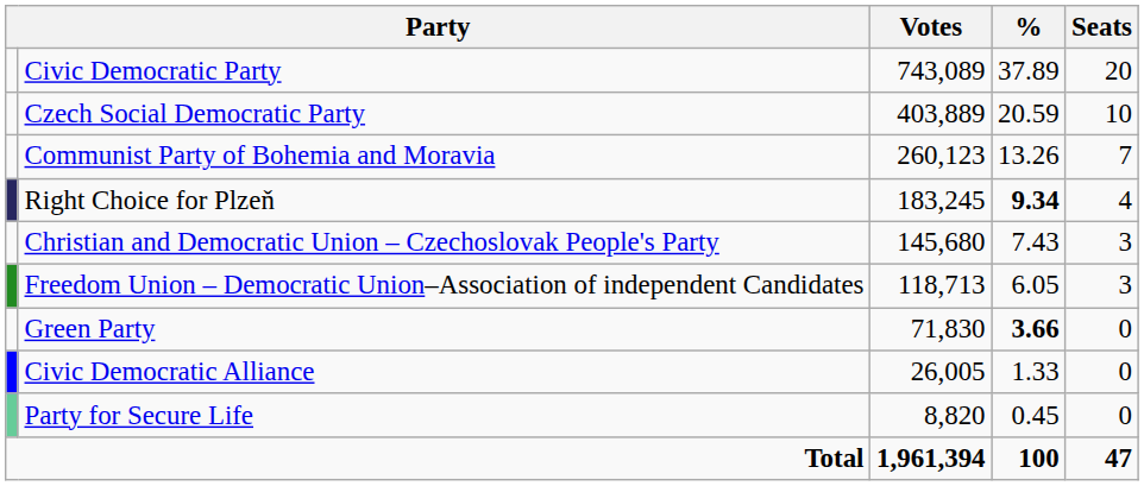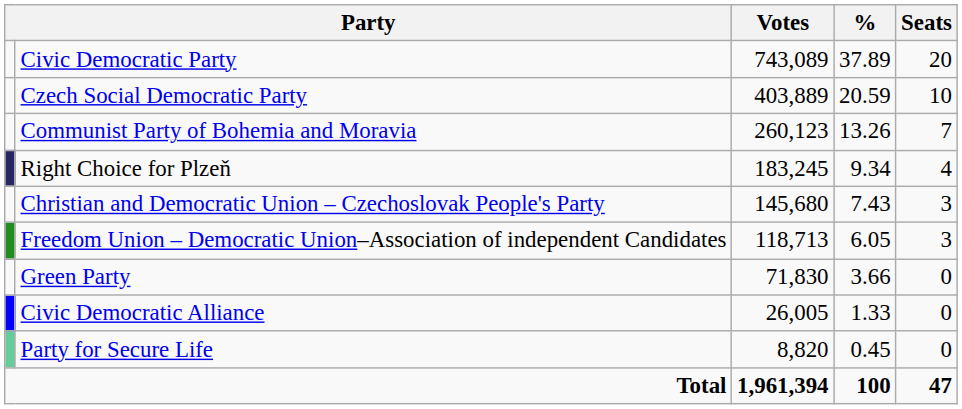 <table class=wikitable style=text-align:right>
 <tr>
 <th colspan=2>Party</th>
 <th>Votes</th>
 <th>%</th>
 <th>Seats</th>
 </tr>
 <tr>
 <td></td>
 <td align=left><a href='#'>Civic Democratic Party</a></td>
 <td>743,089</td>
 <td>37.89</td>
 <td>20</td>
 </tr>
 <tr>
 <td></td>
 <td align=left><a href='#'>Czech Social Democratic Party</a></td>
 <td>403,889</td>
 <td>20.59</td>
 <td>10</td>
 </tr>
 <tr>
 <td></td>
 <td align=left><a href='#'>Communist Party of Bohemia and Moravia</a></td>
 <td>260,123</td>
 <td>13.26</td>
 <td>7</td>
 </tr>
 <tr>
 <td style="background:#272660;"></td>
 <td align=left>Right Choice for Plzeň</td>
 <td>183,245</td>
-<td><strong>9.34</strong></td>
+<td>9.34</td>
 <td>4</td>
 </tr>
 <tr>
 <td></td>
 <td align=left><a href='#'>Christian and Democratic Union – Czechoslovak People's Party</a></td>
 <td>145,680</td>
 <td>7.43</td>
 <td>3</td>
 </tr>
 <tr>
 <td style="background:#228b22;"></td>
 <td align=left><a href='#'>Freedom Union – Democratic Union</a>–Association of independent Candidates</td>
 <td>118,713</td>
 <td>6.05</td>
 <td>3</td>
 </tr>
 <tr>
 <td></td>
 <td align=left><a href='#'>Green Party</a></td>
 <td>71,830</td>
-<td><strong>3.66</strong></td>
+<td>3.66</td>
 <td>0</td>
 </tr>
 <tr>
 <td style="background:#0000FF;"></td>
 <td align=left><a href='#'>Civic Democratic Alliance</a></td>
 <td>26,005</td>
 <td>1.33</td>
 <td>0</td>
 </tr>
 <tr>
 <td style="background:#66CC99;"></td>
 <td align=left><a href='#'>Party for Secure Life</a></td>
 <td>8,820</td>
 <td>0.45</td>
 <td>0</td>
 </tr>
 <tr>
 <td colspan="2"><strong>Total</strong></td>
 <td><strong>1,961,394</strong></td>
 <td><strong>100</strong></td>
 <td><strong>47</strong></td>
 </tr>
 </table>
